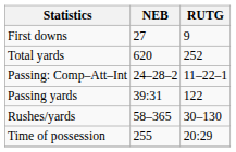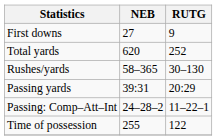 <table class="wikitable" style="float: left;">
 <tr>
 <th>Statistics</th>
 <th>NEB</th>
 <th>RUTG</th>
 </tr>
 <tr>
 <td>First downs</td>
 <td>27</td>
 <td>9</td>
 </tr>
 <tr>
 <td>Total yards</td>
 <td>620</td>
 <td>252</td>
 </tr>
 <tr>
+<td>Rushes/yards</td>
+<td>58–365</td>
+<td>30–130</td>
+</tr>
+<tr>
+<td>Passing yards</td>
+<td>39:31</td>
+<td>20:29</td>
+</tr>
+<tr>
 <td>Passing: Comp–Att–Int</td>
 <td>24–28–2</td>
 <td>11–22–1</td>
 </tr>
 <tr>
-<td>Passing yards</td>
-<td>39:31</td>
-<td>122</td>
-</tr>
-<tr>
-<td>Rushes/yards</td>
-<td>58–365</td>
-<td>30–130</td>
-</tr>
-<tr>
 <td>Time of possession</td>
 <td>255</td>
-<td>20:29</td>
+<td>122</td>
 </tr>
 <tr>
 </tr>
 </table>
